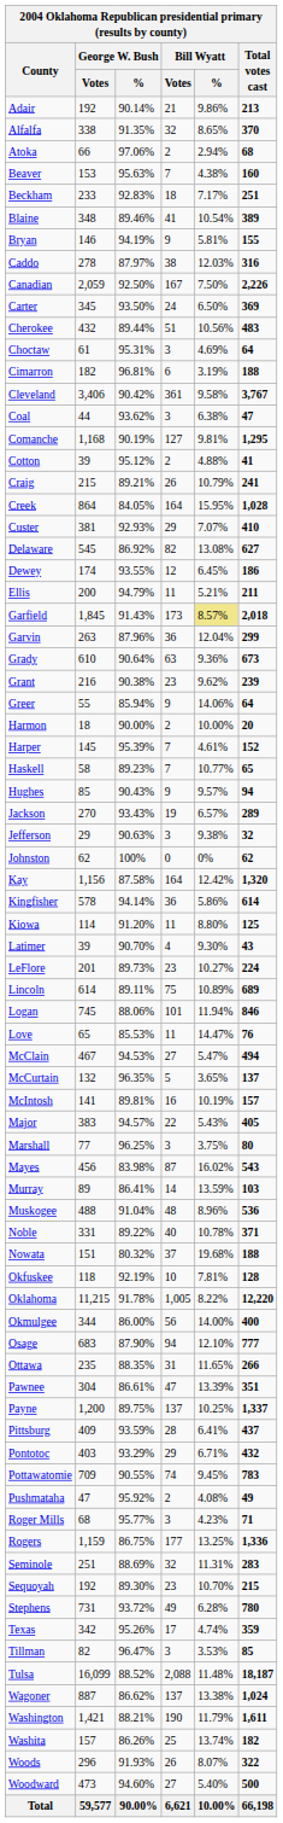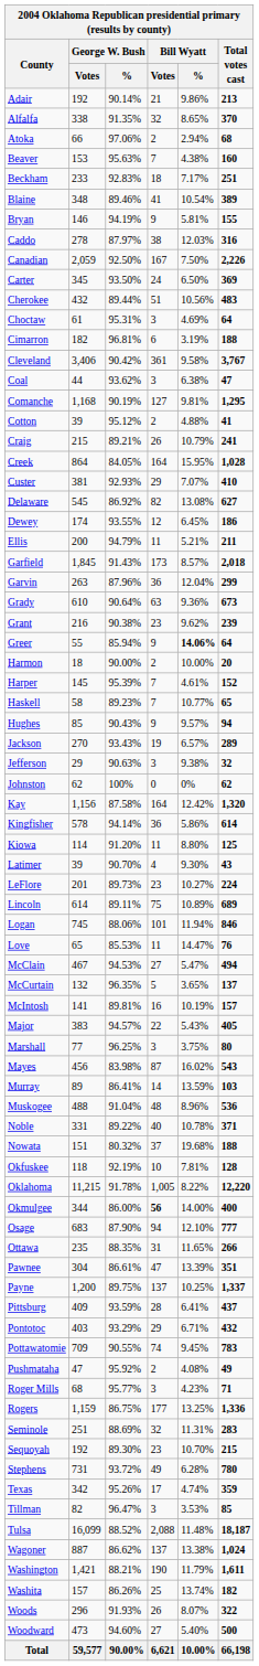 <table class="wikitable sortable mw-collapsible mw-collapsed">
 <tr>
 <th colspan="6"><small>2004 Oklahoma Republican presidential primary</small><small><br>(results by county)</small></th>
 </tr>
 <tr>
 <th rowspan="2"><small>County</small></th>
 <th colspan="2"><small>George W. Bush</small></th>
 <th colspan="2"><small>Bill Wyatt</small></th>
 <th rowspan="2"><small>Total<br>votes<br>cast</small></th>
 </tr>
 <tr>
 <th><small>Votes</small></th>
 <th><small>%</small></th>
 <th><small>Votes</small></th>
 <th><small>%</small></th>
 </tr>
 <tr>
 <td><small><a href='#'>Adair</a></small></td>
 <td><small>192</small></td>
 <td><small>90.14%</small></td>
 <td><small>21</small></td>
 <td><small>9.86%</small></td>
 <td><small><strong>213</strong></small></td>
 </tr>
 <tr>
 <td><small><a href='#'>Alfalfa</a></small></td>
 <td><small>338</small></td>
 <td><small>91.35%</small></td>
 <td><small>32</small></td>
 <td><small>8.65%</small></td>
 <td><small><strong>370</strong></small></td>
 </tr>
 <tr>
 <td><small><a href='#'>Atoka</a></small></td>
 <td><small>66</small></td>
 <td><small>97.06%</small></td>
 <td><small>2</small></td>
 <td><small>2.94%</small></td>
 <td><small><strong>68</strong></small></td>
 </tr>
 <tr>
 <td><small><a href='#'>Beaver</a></small></td>
 <td><small>153</small></td>
 <td><small>95.63%</small></td>
 <td><small>7</small></td>
 <td><small>4.38%</small></td>
 <td><small><strong>160</strong></small></td>
 </tr>
 <tr>
 <td><small><a href='#'>Beckham</a></small></td>
 <td><small>233</small></td>
 <td><small>92.83%</small></td>
 <td><small>18</small></td>
 <td><small>7.17%</small></td>
 <td><small><strong>251</strong></small></td>
 </tr>
 <tr>
 <td><small><a href='#'>Blaine</a></small></td>
 <td><small>348</small></td>
 <td><small>89.46%</small></td>
 <td><small>41</small></td>
 <td><small>10.54%</small></td>
 <td><small><strong>389</strong></small></td>
 </tr>
 <tr>
 <td><small><a href='#'>Bryan</a></small></td>
 <td><small>146</small></td>
 <td><small>94.19%</small></td>
 <td><small>9</small></td>
 <td><small>5.81%</small></td>
 <td><small><strong>155</strong></small></td>
 </tr>
 <tr>
 <td><small><a href='#'>Caddo</a></small></td>
 <td><small>278</small></td>
 <td><small>87.97%</small></td>
 <td><small>38</small></td>
 <td><small>12.03%</small></td>
 <td><small><strong>316</strong></small></td>
 </tr>
 <tr>
 <td><small><a href='#'>Canadian</a></small></td>
 <td><small>2,059</small></td>
 <td><small>92.50%</small></td>
 <td><small>167</small></td>
 <td><small>7.50%</small></td>
 <td><small><strong>2,226</strong></small></td>
 </tr>
 <tr>
 <td><small><a href='#'>Carter</a></small></td>
 <td><small>345</small></td>
 <td><small>93.50%</small></td>
 <td><small>24</small></td>
 <td><small>6.50%</small></td>
 <td><small><strong>369</strong></small></td>
 </tr>
 <tr>
 <td><small><a href='#'>Cherokee</a></small></td>
 <td><small>432</small></td>
 <td><small>89.44%</small></td>
 <td><small>51</small></td>
 <td><small>10.56%</small></td>
 <td><small><strong>483</strong></small></td>
 </tr>
 <tr>
 <td><small><a href='#'>Choctaw</a></small></td>
 <td><small>61</small></td>
 <td><small>95.31%</small></td>
 <td><small>3</small></td>
 <td><small>4.69%</small></td>
 <td><small><strong>64</strong></small></td>
 </tr>
 <tr>
 <td><small><a href='#'>Cimarron</a></small></td>
 <td><small>182</small></td>
 <td><small>96.81%</small></td>
 <td><small>6</small></td>
 <td><small>3.19%</small></td>
 <td><small><strong>188</strong></small></td>
 </tr>
 <tr>
 <td><small><a href='#'>Cleveland</a></small></td>
 <td><small>3,406</small></td>
 <td><small>90.42%</small></td>
 <td><small>361</small></td>
 <td><small>9.58%</small></td>
 <td><small><strong>3,767</strong></small></td>
 </tr>
 <tr>
 <td><small><a href='#'>Coal</a></small></td>
 <td><small>44</small></td>
 <td><small>93.62%</small></td>
 <td><small>3</small></td>
 <td><small>6.38%</small></td>
 <td><small><strong>47</strong></small></td>
 </tr>
 <tr>
 <td><small><a href='#'>Comanche</a></small></td>
 <td><small>1,168</small></td>
 <td><small>90.19%</small></td>
 <td><small>127</small></td>
 <td><small>9.81%</small></td>
 <td><small><strong>1,295</strong></small></td>
 </tr>
 <tr>
 <td><small><a href='#'>Cotton</a></small></td>
 <td><small>39</small></td>
 <td><small>95.12%</small></td>
 <td><small>2</small></td>
 <td><small>4.88%</small></td>
 <td><small><strong>41</strong></small></td>
 </tr>
 <tr>
 <td><small><a href='#'>Craig</a></small></td>
 <td><small>215</small></td>
 <td><small>89.21%</small></td>
 <td><small>26</small></td>
 <td><small>10.79%</small></td>
 <td><small><strong>241</strong></small></td>
 </tr>
 <tr>
 <td><small><a href='#'>Creek</a></small></td>
 <td><small>864</small></td>
 <td><small>84.05%</small></td>
 <td><small>164</small></td>
 <td><small>15.95%</small></td>
 <td><small><strong>1,028</strong></small></td>
 </tr>
 <tr>
 <td><small><a href='#'>Custer</a></small></td>
 <td><small>381</small></td>
 <td><small>92.93%</small></td>
 <td><small>29</small></td>
 <td><small>7.07%</small></td>
 <td><small><strong>410</strong></small></td>
 </tr>
 <tr>
 <td><small><a href='#'>Delaware</a></small></td>
 <td><small>545</small></td>
 <td><small>86.92%</small></td>
 <td><small>82</small></td>
 <td><small>13.08%</small></td>
 <td><small><strong>627</strong></small></td>
 </tr>
 <tr>
 <td><small><a href='#'>Dewey</a></small></td>
 <td><small>174</small></td>
 <td><small>93.55%</small></td>
 <td><small>12</small></td>
 <td><small>6.45%</small></td>
 <td><small><strong>186</strong></small></td>
 </tr>
 <tr>
 <td><small><a href='#'>Ellis</a></small></td>
 <td><small>200</small></td>
 <td><small>94.79%</small></td>
 <td><small>11</small></td>
 <td><small>5.21%</small></td>
 <td><small><strong>211</strong></small></td>
 </tr>
 <tr>
 <td><small><a href='#'>Garfield</a></small></td>
 <td><small>1,845</small></td>
 <td><small>91.43%</small></td>
 <td><small>173</small></td>
-<td style="background: khaki;"><small>8.57%</small></td>
+<td><small>8.57%</small></td>
 <td><small><strong>2,018</strong></small></td>
 </tr>
 <tr>
 <td><small><a href='#'>Garvin</a></small></td>
 <td><small>263</small></td>
 <td><small>87.96%</small></td>
 <td><small>36</small></td>
 <td><small>12.04%</small></td>
 <td><small><strong>299</strong></small></td>
 </tr>
 <tr>
 <td><small><a href='#'>Grady</a></small></td>
 <td><small>610</small></td>
 <td><small>90.64%</small></td>
 <td><small>63</small></td>
 <td><small>9.36%</small></td>
 <td><small><strong>673</strong></small></td>
 </tr>
 <tr>
 <td><small><a href='#'>Grant</a></small></td>
 <td><small>216</small></td>
 <td><small>90.38%</small></td>
 <td><small>23</small></td>
 <td><small>9.62%</small></td>
 <td><small><strong>239</strong></small></td>
 </tr>
 <tr>
 <td><small><a href='#'>Greer</a></small></td>
 <td><small>55</small></td>
 <td><small>85.94%</small></td>
 <td><small>9</small></td>
-<td><small>14.06%</small></td>
+<td><strong><small>14.06%</small></strong></td>
 <td><small><strong>64</strong></small></td>
 </tr>
 <tr>
 <td><small><a href='#'>Harmon</a></small></td>
 <td><small>18</small></td>
 <td><small>90.00%</small></td>
 <td><small>2</small></td>
 <td><small>10.00%</small></td>
 <td><small><strong>20</strong></small></td>
 </tr>
 <tr>
 <td><small><a href='#'>Harper</a></small></td>
 <td><small>145</small></td>
 <td><small>95.39%</small></td>
 <td><small>7</small></td>
 <td><small>4.61%</small></td>
 <td><small><strong>152</strong></small></td>
 </tr>
 <tr>
 <td><small><a href='#'>Haskell</a></small></td>
 <td><small>58</small></td>
 <td><small>89.23%</small></td>
 <td><small>7</small></td>
 <td><small>10.77%</small></td>
 <td><small><strong>65</strong></small></td>
 </tr>
 <tr>
 <td><small><a href='#'>Hughes</a></small></td>
 <td><small>85</small></td>
 <td><small>90.43%</small></td>
 <td><small>9</small></td>
 <td><small>9.57%</small></td>
 <td><small><strong>94</strong></small></td>
 </tr>
 <tr>
 <td><small><a href='#'>Jackson</a></small></td>
 <td><small>270</small></td>
 <td><small>93.43%</small></td>
 <td><small>19</small></td>
 <td><small>6.57%</small></td>
 <td><small><strong>289</strong></small></td>
 </tr>
 <tr>
 <td><small><a href='#'>Jefferson</a></small></td>
 <td><small>29</small></td>
 <td><small>90.63%</small></td>
 <td><small>3</small></td>
 <td><small>9.38%</small></td>
 <td><small><strong>32</strong></small></td>
 </tr>
 <tr>
 <td><small><a href='#'>Johnston</a></small></td>
 <td><small>62</small></td>
 <td><small>100%</small></td>
 <td><small>0</small></td>
 <td><small>0%</small></td>
 <td><small><strong>62</strong></small></td>
 </tr>
 <tr>
 <td><small><a href='#'>Kay</a></small></td>
 <td><small>1,156</small></td>
 <td><small>87.58%</small></td>
 <td><small>164</small></td>
 <td><small>12.42%</small></td>
 <td><small><strong>1,320</strong></small></td>
 </tr>
 <tr>
 <td><small><a href='#'>Kingfisher</a></small></td>
 <td><small>578</small></td>
 <td><small>94.14%</small></td>
 <td><small>36</small></td>
 <td><small>5.86%</small></td>
 <td><small><strong>614</strong></small></td>
 </tr>
 <tr>
 <td><small><a href='#'>Kiowa</a></small></td>
 <td><small>114</small></td>
 <td><small>91.20%</small></td>
 <td><small>11</small></td>
 <td><small>8.80%</small></td>
 <td><small><strong>125</strong></small></td>
 </tr>
 <tr>
 <td><small><a href='#'>Latimer</a></small></td>
 <td><small>39</small></td>
 <td><small>90.70%</small></td>
 <td><small>4</small></td>
 <td><small>9.30%</small></td>
 <td><small><strong>43</strong></small></td>
 </tr>
 <tr>
 <td><small><a href='#'>LeFlore</a></small></td>
 <td><small>201</small></td>
 <td><small>89.73%</small></td>
 <td><small>23</small></td>
 <td><small>10.27%</small></td>
 <td><small><strong>224</strong></small></td>
 </tr>
 <tr>
 <td><small><a href='#'>Lincoln</a></small></td>
 <td><small>614</small></td>
 <td><small>89.11%</small></td>
 <td><small>75</small></td>
 <td><small>10.89%</small></td>
 <td><small><strong>689</strong></small></td>
 </tr>
 <tr>
 <td><small><a href='#'>Logan</a></small></td>
 <td><small>745</small></td>
 <td><small>88.06%</small></td>
 <td><small>101</small></td>
 <td><small>11.94%</small></td>
 <td><small><strong>846</strong></small></td>
 </tr>
 <tr>
 <td><small><a href='#'>Love</a></small></td>
 <td><small>65</small></td>
 <td><small>85.53%</small></td>
 <td><small>11</small></td>
 <td><small>14.47%</small></td>
 <td><small><strong>76</strong></small></td>
 </tr>
 <tr>
 <td><small><a href='#'>McClain</a></small></td>
 <td><small>467</small></td>
 <td><small>94.53%</small></td>
 <td><small>27</small></td>
 <td><small>5.47%</small></td>
 <td><small><strong>494</strong></small></td>
 </tr>
 <tr>
 <td><small><a href='#'>McCurtain</a></small></td>
 <td><small>132</small></td>
 <td><small>96.35%</small></td>
 <td><small>5</small></td>
 <td><small>3.65%</small></td>
 <td><small><strong>137</strong></small></td>
 </tr>
 <tr>
 <td><small><a href='#'>McIntosh</a></small></td>
 <td><small>141</small></td>
 <td><small>89.81%</small></td>
 <td><small>16</small></td>
 <td><small>10.19%</small></td>
 <td><small><strong>157</strong></small></td>
 </tr>
 <tr>
 <td><small><a href='#'>Major</a></small></td>
 <td><small>383</small></td>
 <td><small>94.57%</small></td>
 <td><small>22</small></td>
 <td><small>5.43%</small></td>
 <td><small><strong>405</strong></small></td>
 </tr>
 <tr>
 <td><small><a href='#'>Marshall</a></small></td>
 <td><small>77</small></td>
 <td><small>96.25%</small></td>
 <td><small>3</small></td>
 <td><small>3.75%</small></td>
 <td><small><strong>80</strong></small></td>
 </tr>
 <tr>
 <td><small><a href='#'>Mayes</a></small></td>
 <td><small>456</small></td>
 <td><small>83.98%</small></td>
 <td><small>87</small></td>
 <td><small>16.02%</small></td>
 <td><small><strong>543</strong></small></td>
 </tr>
 <tr>
 <td><small><a href='#'>Murray</a></small></td>
 <td><small>89</small></td>
 <td><small>86.41%</small></td>
 <td><small>14</small></td>
 <td><small>13.59%</small></td>
 <td><small><strong>103</strong></small></td>
 </tr>
 <tr>
 <td><small><a href='#'>Muskogee</a></small></td>
 <td><small>488</small></td>
 <td><small>91.04%</small></td>
 <td><small>48</small></td>
 <td><small>8.96%</small></td>
 <td><small><strong>536</strong></small></td>
 </tr>
 <tr>
 <td><small><a href='#'>Noble</a></small></td>
 <td><small>331</small></td>
 <td><small>89.22%</small></td>
 <td><small>40</small></td>
 <td><small>10.78%</small></td>
 <td><small><strong>371</strong></small></td>
 </tr>
 <tr>
 <td><small><a href='#'>Nowata</a></small></td>
 <td><small>151</small></td>
 <td><small>80.32%</small></td>
 <td><small>37</small></td>
 <td><small>19.68%</small></td>
 <td><small><strong>188</strong></small></td>
 </tr>
 <tr>
 <td><small><a href='#'>Okfuskee</a></small></td>
 <td><small>118</small></td>
 <td><small>92.19%</small></td>
 <td><small>10</small></td>
 <td><small>7.81%</small></td>
 <td><small><strong>128</strong></small></td>
 </tr>
 <tr>
 <td><small><a href='#'>Oklahoma</a></small></td>
 <td><small>11,215</small></td>
 <td><small>91.78%</small></td>
 <td><small>1,005</small></td>
 <td><small>8.22%</small></td>
 <td><small><strong>12,220</strong></small></td>
 </tr>
 <tr>
 <td><small><a href='#'>Okmulgee</a></small></td>
 <td><small>344</small></td>
 <td><small>86.00%</small></td>
-<td><small>56</small></td>
+<td><strong><small>56</small></strong></td>
 <td><small>14.00%</small></td>
 <td><small><strong>400</strong></small></td>
 </tr>
 <tr>
 <td><small><a href='#'>Osage</a></small></td>
 <td><small>683</small></td>
 <td><small>87.90%</small></td>
 <td><small>94</small></td>
 <td><small>12.10%</small></td>
 <td><small><strong>777</strong></small></td>
 </tr>
 <tr>
 <td><small><a href='#'>Ottawa</a></small></td>
 <td><small>235</small></td>
 <td><small>88.35%</small></td>
 <td><small>31</small></td>
 <td><small>11.65%</small></td>
 <td><small><strong>266</strong></small></td>
 </tr>
 <tr>
 <td><small><a href='#'>Pawnee</a></small></td>
 <td><small>304</small></td>
 <td><small>86.61%</small></td>
 <td><small>47</small></td>
 <td><small>13.39%</small></td>
 <td><small><strong>351</strong></small></td>
 </tr>
 <tr>
 <td><small><a href='#'>Payne</a></small></td>
 <td><small>1,200</small></td>
 <td><small>89.75%</small></td>
 <td><small>137</small></td>
 <td><small>10.25%</small></td>
 <td><small><strong>1,337</strong></small></td>
 </tr>
 <tr>
 <td><small><a href='#'>Pittsburg</a></small></td>
 <td><small>409</small></td>
 <td><small>93.59%</small></td>
 <td><small>28</small></td>
 <td><small>6.41%</small></td>
 <td><small><strong>437</strong></small></td>
 </tr>
 <tr>
 <td><small><a href='#'>Pontotoc</a></small></td>
 <td><small>403</small></td>
 <td><small>93.29%</small></td>
 <td><small>29</small></td>
 <td><small>6.71%</small></td>
 <td><small><strong>432</strong></small></td>
 </tr>
 <tr>
 <td><small><a href='#'>Pottawatomie</a></small></td>
 <td><small>709</small></td>
 <td><small>90.55%</small></td>
 <td><small>74</small></td>
 <td><small>9.45%</small></td>
 <td><small><strong>783</strong></small></td>
 </tr>
 <tr>
 <td><small><a href='#'>Pushmataha</a></small></td>
 <td><small>47</small></td>
 <td><small>95.92%</small></td>
 <td><small>2</small></td>
 <td><small>4.08%</small></td>
 <td><small><strong>49</strong></small></td>
 </tr>
 <tr>
 <td><small><a href='#'>Roger Mills</a></small></td>
 <td><small>68</small></td>
 <td><small>95.77%</small></td>
 <td><small>3</small></td>
 <td><small>4.23%</small></td>
 <td><small><strong>71</strong></small></td>
 </tr>
 <tr>
 <td><small><a href='#'>Rogers</a></small></td>
 <td><small>1,159</small></td>
 <td><small>86.75%</small></td>
 <td><small>177</small></td>
 <td><small>13.25%</small></td>
 <td><small><strong>1,336</strong></small></td>
 </tr>
 <tr>
 <td><small><a href='#'>Seminole</a></small></td>
 <td><small>251</small></td>
 <td><small>88.69%</small></td>
 <td><small>32</small></td>
 <td><small>11.31%</small></td>
 <td><small><strong>283</strong></small></td>
 </tr>
 <tr>
 <td><small><a href='#'>Sequoyah</a></small></td>
 <td><small>192</small></td>
 <td><small>89.30%</small></td>
 <td><small>23</small></td>
 <td><small>10.70%</small></td>
 <td><small><strong>215</strong></small></td>
 </tr>
 <tr>
 <td><small><a href='#'>Stephens</a></small></td>
 <td><small>731</small></td>
 <td><small>93.72%</small></td>
 <td><small>49</small></td>
 <td><small>6.28%</small></td>
 <td><small><strong>780</strong></small></td>
 </tr>
 <tr>
 <td><small><a href='#'>Texas</a></small></td>
 <td><small>342</small></td>
 <td><small>95.26%</small></td>
 <td><small>17</small></td>
 <td><small>4.74%</small></td>
 <td><small><strong>359</strong></small></td>
 </tr>
 <tr>
 <td><small><a href='#'>Tillman</a></small></td>
 <td><small>82</small></td>
 <td><small>96.47%</small></td>
 <td><small>3</small></td>
 <td><small>3.53%</small></td>
 <td><small><strong>85</strong></small></td>
 </tr>
 <tr>
 <td><small><a href='#'>Tulsa</a></small></td>
 <td><small>16,099</small></td>
 <td><small>88.52%</small></td>
 <td><small>2,088</small></td>
 <td><small>11.48%</small></td>
 <td><small><strong>18,187</strong></small></td>
 </tr>
 <tr>
 <td><small><a href='#'>Wagoner</a></small></td>
 <td><small>887</small></td>
 <td><small>86.62%</small></td>
 <td><small>137</small></td>
 <td><small>13.38%</small></td>
 <td><small><strong>1,024</strong></small></td>
 </tr>
 <tr>
 <td><small><a href='#'>Washington</a></small></td>
 <td><small>1,421</small></td>
 <td><small>88.21%</small></td>
 <td><small>190</small></td>
 <td><small>11.79%</small></td>
 <td><small><strong>1,611</strong></small></td>
 </tr>
 <tr>
 <td><small><a href='#'>Washita</a></small></td>
 <td><small>157</small></td>
 <td><small>86.26%</small></td>
 <td><small>25</small></td>
 <td><small>13.74%</small></td>
 <td><small><strong>182</strong></small></td>
 </tr>
 <tr>
 <td><small><a href='#'>Woods</a></small></td>
 <td><small>296</small></td>
 <td><small>91.93%</small></td>
 <td><small>26</small></td>
 <td><small>8.07%</small></td>
 <td><small><strong>322</strong></small></td>
 </tr>
 <tr>
 <td><small><a href='#'>Woodward</a></small></td>
 <td><small>473</small></td>
 <td><small>94.60%</small></td>
 <td><small>27</small></td>
 <td><small>5.40%</small></td>
 <td><small><strong>500</strong></small></td>
 </tr>
 <tr>
 <th><strong><small>Total</small></strong></th>
 <th><strong><small>59,577</small></strong></th>
 <th><strong><small>90.00%</small></strong></th>
 <th><strong><small>6,621</small></strong></th>
 <th><strong><small>10.00%</small></strong></th>
 <th><strong><small>66,198</small></strong></th>
 </tr>
 </table>
